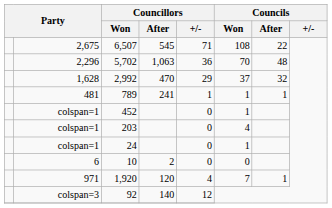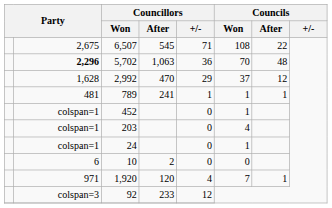 <table id="results" class="wikitable" style="text-align:right; font-size:95%;">
 <tr>
 <th colspan="2" rowspan="2" style="width:140px;">Party</th>
 <th colspan="3">Councillors</th>
 <th colspan="3">Councils</th>
 </tr>
 <tr>
 <th style="width:50px;">Won</th>
 <th style="width:50px;">After</th>
 <th style="width:50px;">+/-</th>
 <th style="width:50px;">Won</th>
 <th style="width:50px;">After</th>
 <th style="width:50px;">+/-</th>
 </tr>
 <tr>
 <td></td>
 <td>2,675</td>
 <td>6,507</td>
 <td>545</td>
 <td>71</td>
 <td>108</td>
 <td>22</td>
 </tr>
 <tr>
 <td></td>
-<td>2,296</td>
+<td><strong>2,296</strong></td>
 <td>5,702</td>
 <td>1,063</td>
 <td>36</td>
 <td>70</td>
 <td>48</td>
 </tr>
 <tr>
 <td></td>
 <td>1,628</td>
 <td>2,992</td>
 <td>470</td>
 <td>29</td>
 <td>37</td>
-<td>32</td>
+<td>12</td>
 </tr>
 <tr>
 <td></td>
 <td>481</td>
 <td>789</td>
 <td>241</td>
 <td>1</td>
 <td>1</td>
 <td>1</td>
 </tr>
 <tr>
 <td></td>
 <td>colspan=1 </td>
 <td>452</td>
 <td></td>
 <td>0</td>
 <td>1</td>
 <td></td>
 </tr>
 <tr>
 <td></td>
 <td>colspan=1 </td>
 <td>203</td>
 <td></td>
 <td>0</td>
 <td>4</td>
 <td></td>
 </tr>
 <tr>
 <td></td>
 <td>colspan=1 </td>
 <td>24</td>
 <td></td>
 <td>0</td>
 <td>1</td>
 <td></td>
 </tr>
 <tr>
 <td></td>
 <td>6</td>
 <td>10</td>
 <td>2</td>
 <td>0</td>
 <td>0</td>
 <td></td>
 </tr>
 <tr>
 <td></td>
 <td>971</td>
 <td>1,920</td>
 <td>120</td>
 <td>4</td>
 <td>7</td>
 <td>1</td>
 </tr>
 <tr>
 <td></td>
 <td>colspan=3 </td>
 <td>92</td>
-<td>140</td>
+<td>233</td>
 <td>12</td>
 </tr>
 <tr>
 </tr>
 </table>
